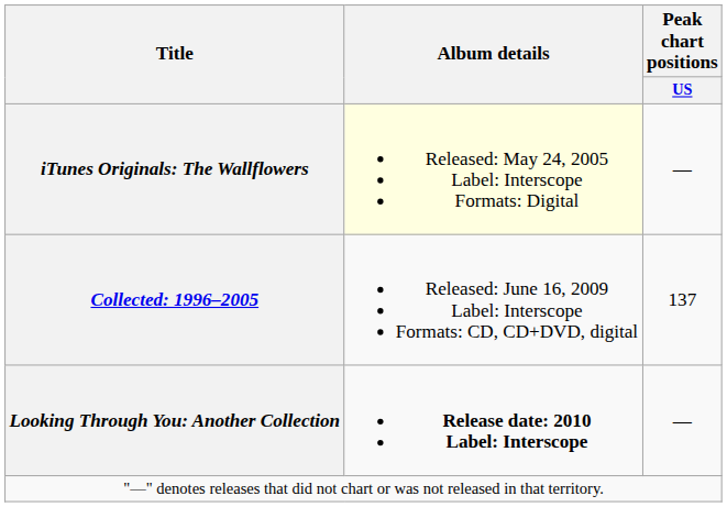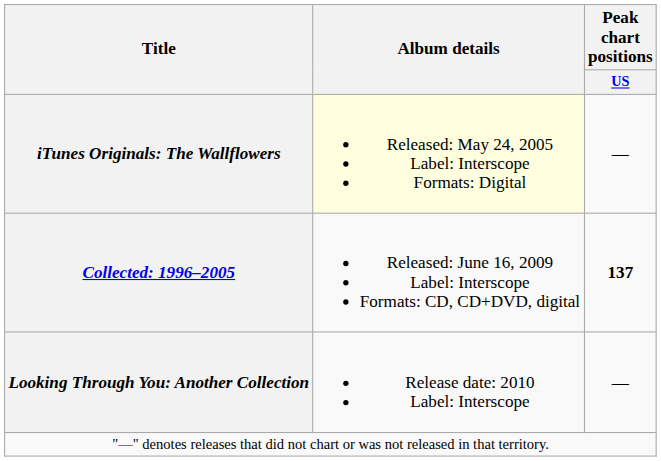 <table class="wikitable plainrowheaders" style="text-align:center;">
 <tr>
 <th rowspan="2">Title</th>
 <th rowspan="2">Album details</th>
 <th colspan="1">Peak chart positions</th>
 </tr>
 <tr style="font-size:smaller;">
 <th style="width:30px;"><a href='#'>US</a><br></th>
 </tr>
 <tr>
 <th scope="row"><em>iTunes Originals: The Wallflowers</em></th>
 <td style="background: lightyellow;"><br><ul><li>Released: May 24, 2005</li><li>Label: Interscope</li><li>Formats: Digital</li></ul></td>
 <td>—</td>
 </tr>
 <tr>
 <th scope="row"><em><a href='#'>Collected: 1996–2005</a></em></th>
 <td><br><ul><li>Released: June 16, 2009</li><li>Label: Interscope</li><li>Formats: CD, CD+DVD, digital</li></ul></td>
-<td>137</td>
+<td><strong>137</strong></td>
 </tr>
 <tr>
 <th scope="row"><em>Looking Through You: Another Collection</em></th>
-<td><strong><br><ul><li>Release date: 2010</li><li>Label: Interscope</li></ul></strong></td>
+<td><br><ul><li>Release date: 2010</li><li>Label: Interscope</li></ul></td>
 <td>—</td>
 </tr>
 <tr>
 <td colspan="13" style="font-size:85%">"—" denotes releases that did not chart or was not released in that territory.</td>
 </tr>
 </table>
